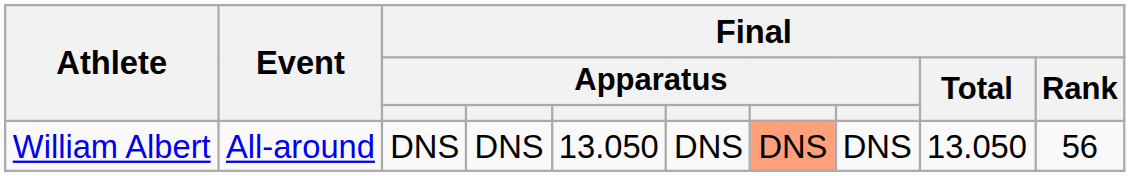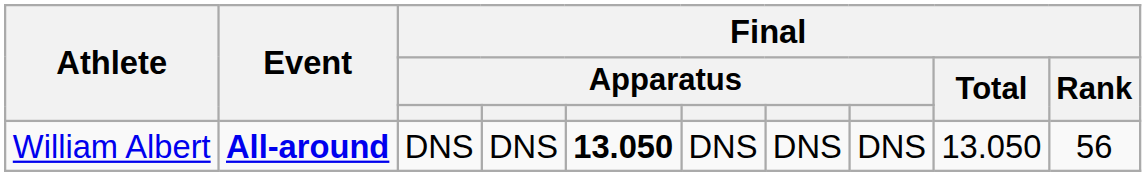 <table class="wikitable" style="font-size:90%">
 <tr>
 <th rowspan=3>Athlete</th>
 <th rowspan=3>Event</th>
 <th colspan =8>Final</th>
 </tr>
 <tr style="font-size:95%">
 <th colspan=6>Apparatus</th>
 <th rowspan=2>Total</th>
 <th rowspan=2>Rank</th>
 </tr>
 <tr style="font-size:95%">
 <th></th>
 <th></th>
 <th></th>
 <th></th>
 <th></th>
 <th></th>
 </tr>
 <tr align=center>
 <td align=left><a href='#'>William Albert</a></td>
-<td style="text-align:left;"><a href='#'>All-around</a></td>
+<td style="text-align:left;"><strong><a href='#'>All-around</a></strong></td>
 <td>DNS</td>
 <td>DNS</td>
-<td>13.050</td>
+<td><strong>13.050</strong></td>
 <td>DNS</td>
-<td style="background: lightsalmon;">DNS</td>
+<td>DNS</td>
 <td>DNS</td>
 <td>13.050</td>
 <td>56</td>
 </tr>
 </table>
